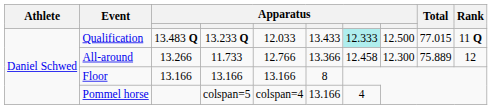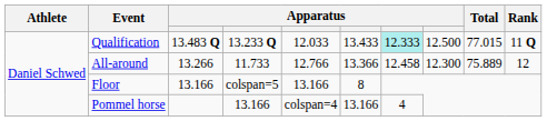 <table class="wikitable" style="font-size:90%">
 <tr>
 <th rowspan=2>Athlete</th>
 <th rowspan=2>Event</th>
 <th colspan =6>Apparatus</th>
 <th rowspan=2>Total</th>
 <th rowspan=2>Rank</th>
 </tr>
 <tr style="font-size:95%">
 <th></th>
 <th></th>
 <th></th>
 <th></th>
 <th></th>
 <th></th>
 </tr>
 <tr align=center>
 <td align=left rowspan=8><a href='#'>Daniel Schwed</a></td>
 <td align=left><a href='#'>Qualification</a></td>
 <td>13.483 <strong>Q</strong></td>
 <td>13.233 <strong>Q</strong></td>
 <td>12.033</td>
 <td>13.433</td>
 <td style="background: paleturquoise;">12.333</td>
 <td>12.500</td>
 <td>77.015</td>
 <td>11 <strong>Q</strong></td>
 </tr>
 <tr align=center>
 <td align=left><a href='#'>All-around</a></td>
 <td>13.266</td>
 <td>11.733</td>
 <td>12.766</td>
 <td>13.366</td>
 <td>12.458</td>
 <td>12.300</td>
 <td>75.889</td>
 <td>12</td>
 </tr>
 <tr align=center>
 <td align=left><a href='#'>Floor</a></td>
 <td>13.166</td>
-<td>13.166</td>
+<td>colspan=5 </td>
 <td>13.166</td>
 <td>8</td>
 </tr>
 <tr align=center>
 <td align=left><a href='#'>Pommel horse</a></td>
 <td></td>
-<td>colspan=5 </td>
+<td>13.166</td>
 <td>colspan=4 </td>
 <td>13.166</td>
 <td>4</td>
 </tr>
 </table>
